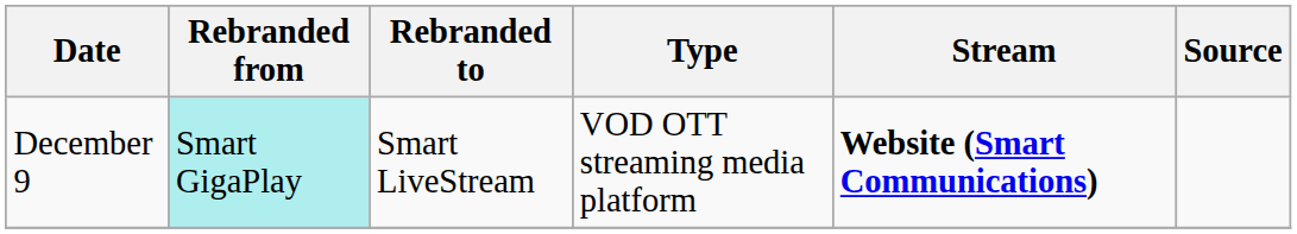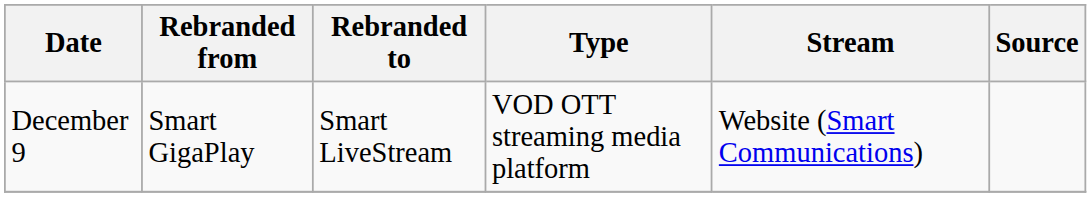 <table class="wikitable">
 <tr>
 <th>Date</th>
 <th>Rebranded from</th>
 <th>Rebranded to</th>
 <th>Type</th>
 <th>Stream</th>
 <th>Source</th>
 </tr>
 <tr>
 <td>December 9</td>
-<td style="background: paleturquoise;">Smart GigaPlay</td>
+<td>Smart GigaPlay</td>
 <td>Smart LiveStream</td>
 <td>VOD OTT streaming media platform</td>
-<td><strong>Website (<a href='#'>Smart Communications</a>)</strong></td>
+<td>Website (<a href='#'>Smart Communications</a>)</td>
 <td></td>
 </tr>
 <tr>
 </tr>
 </table>
